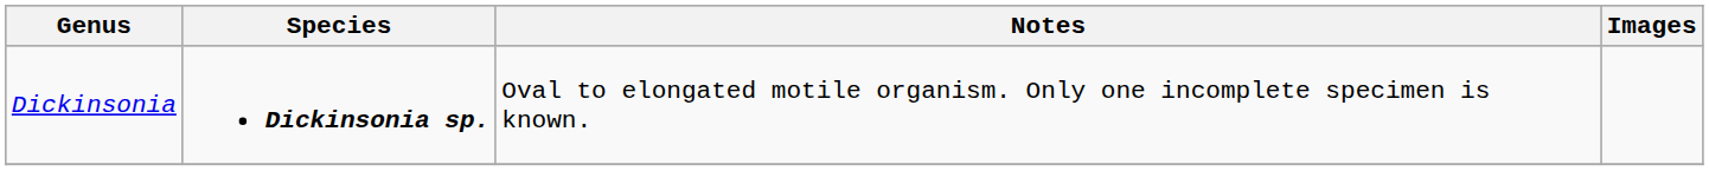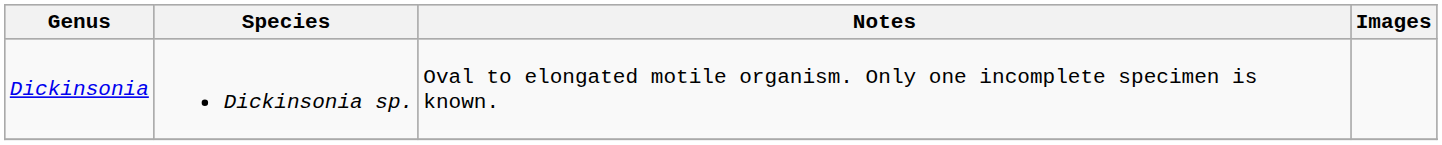 <table class="wikitable" style="width:70%;">
 <tr>
 <th>Genus</th>
 <th>Species</th>
 <th>Notes</th>
 <th>Images</th>
 </tr>
 <tr>
 <td><em><a href='#'>Dickinsonia</a></em></td>
-<td><strong><br><ul><li><em>Dickinsonia sp.</em></li></ul></strong></td>
+<td><br><ul><li><em>Dickinsonia sp.</em></li></ul></td>
 <td>Oval to elongated motile organism. Only one incomplete specimen is known.</td>
 <td></td>
 </tr>
 <tr>
 </tr>
 </table>
